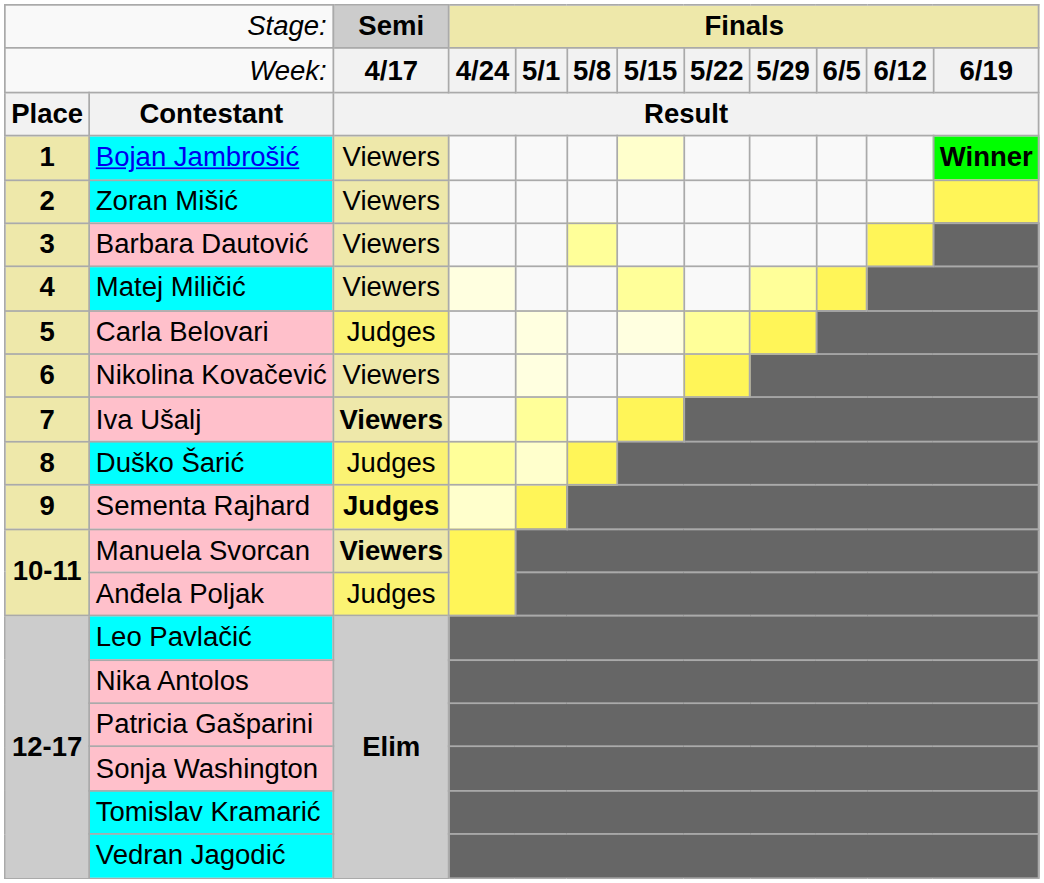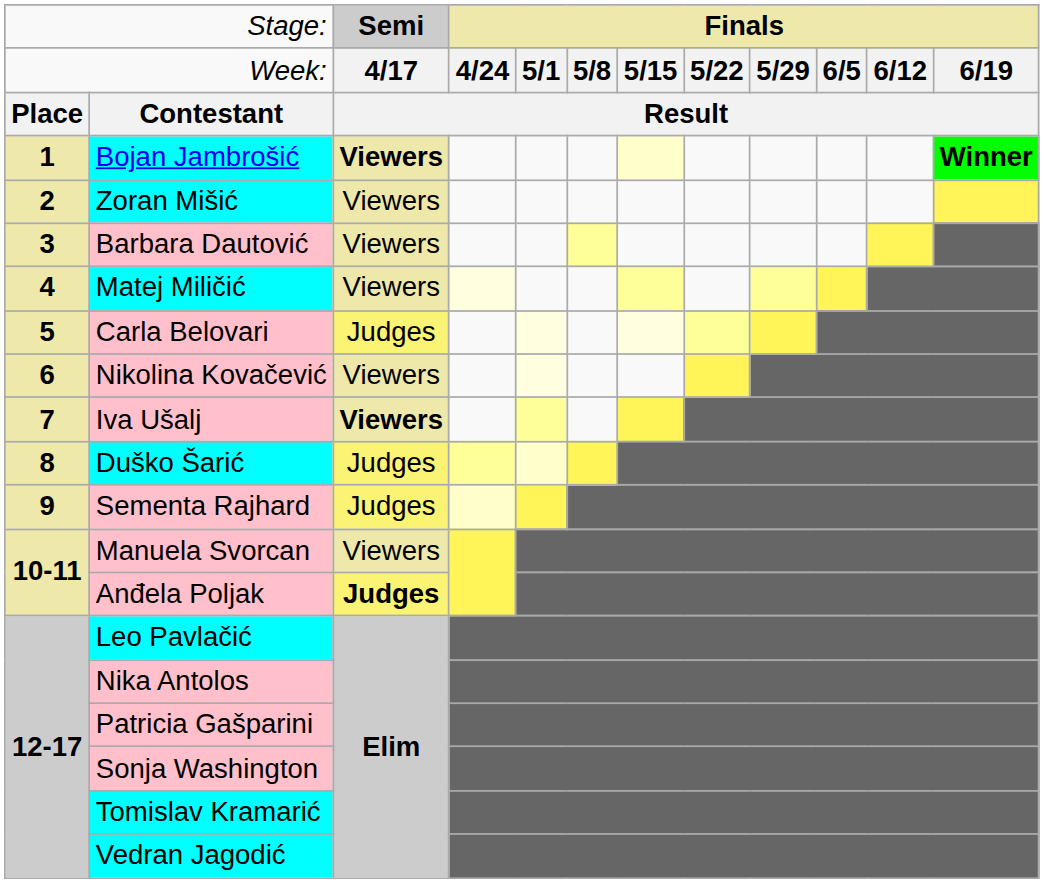 <table class="wikitable" align="center">
 <tr>
 <td colspan="2" align="right"><em>Stage:</em></td>
 <td bgcolor="CCCCCC" align="Center"><strong>Semi</strong></td>
 <td colspan="9" bgcolor="palegoldenrod" align="Center"><strong>Finals</strong></td>
 </tr>
 <tr>
 <td colspan="2" align="right"><em>Week:</em></td>
 <th>4/17</th>
 <th>4/24</th>
 <th>5/1</th>
 <th>5/8</th>
 <th>5/15</th>
 <th>5/22</th>
 <th>5/29</th>
 <th>6/5</th>
 <th>6/12</th>
 <th>6/19</th>
 </tr>
 <tr>
 <th>Place</th>
 <th>Contestant</th>
 <th colspan="14" align="center">Result</th>
 </tr>
 <tr>
 <td align="center" bgcolor="palegoldenrod"><strong>1</strong></td>
 <td bgcolor="cyan"><a href='#'>Bojan Jambrošić</a></td>
-<td bgcolor="palegoldenrod" align="center">Viewers</td>
+<td bgcolor="palegoldenrod" align="center"><strong>Viewers</strong></td>
 <td></td>
 <td></td>
 <td></td>
 <td bgcolor="#FFFFCC" align="center"></td>
 <td></td>
 <td></td>
 <td></td>
 <td></td>
 <td style="background: lime"><strong>Winner</strong></td>
 </tr>
 <tr>
 <td align="center" bgcolor="palegoldenrod"><strong>2</strong></td>
 <td bgcolor="cyan">Zoran Mišić</td>
 <td bgcolor="palegoldenrod" align="center">Viewers</td>
 <td></td>
 <td></td>
 <td></td>
 <td></td>
 <td></td>
 <td></td>
 <td></td>
 <td></td>
 <td bgcolor="#FFF558" align="center"></td>
 </tr>
 <tr>
 <td align="center" bgcolor="palegoldenrod"><strong>3</strong></td>
 <td bgcolor="pink">Barbara Dautović</td>
 <td bgcolor="palegoldenrod" align="center">Viewers</td>
 <td></td>
 <td></td>
 <td bgcolor="#FFFF99" align="center"></td>
 <td></td>
 <td></td>
 <td></td>
 <td></td>
 <td bgcolor="#FFF558" align="center"></td>
 <td bgcolor="666666"></td>
 </tr>
 <tr>
 <td align="center" bgcolor="palegoldenrod"><strong>4</strong></td>
 <td bgcolor="cyan">Matej Miličić</td>
 <td bgcolor="palegoldenrod" align="center">Viewers</td>
 <td bgcolor="#FFFFE0" align="center"></td>
 <td></td>
 <td></td>
 <td bgcolor="#FFFF99" align="center"></td>
 <td></td>
 <td bgcolor="#FFFF99" align="center"></td>
 <td bgcolor="#FFF558" align="center"></td>
 <td colspan="2" bgcolor="666666"></td>
 </tr>
 <tr>
 <td align="center" bgcolor="palegoldenrod"><strong>5</strong></td>
 <td bgcolor="pink">Carla Belovari</td>
 <td bgcolor="#FBF373" align="center">Judges</td>
 <td></td>
 <td bgcolor="#FFFFE0" align="center"></td>
 <td></td>
 <td bgcolor="#FFFFE0" align="center"></td>
 <td bgcolor="#FFFF99" align="center"></td>
 <td bgcolor="#FFF558" align="center"></td>
 <td colspan="3" bgcolor="666666"></td>
 </tr>
 <tr>
 <td align="center" bgcolor="palegoldenrod"><strong>6</strong></td>
 <td bgcolor="pink">Nikolina Kovačević</td>
 <td bgcolor="palegoldenrod" align="center">Viewers</td>
 <td></td>
 <td bgcolor="#FFFFE0" align="center"></td>
 <td></td>
 <td></td>
 <td bgcolor="#FFF558" align="center"></td>
 <td colspan="4" bgcolor="666666"></td>
 </tr>
 <tr>
 <td align="center" bgcolor="palegoldenrod"><strong>7</strong></td>
 <td bgcolor="pink">Iva Ušalj</td>
 <td bgcolor="palegoldenrod" align="center"><strong>Viewers</strong></td>
 <td></td>
 <td bgcolor="#FFFF99" align="center"></td>
 <td></td>
 <td bgcolor="#FFF558" align="center"></td>
 <td colspan="5" bgcolor="666666"></td>
 </tr>
 <tr>
 <td align="center" bgcolor="palegoldenrod"><strong>8</strong></td>
 <td bgcolor="cyan">Duško Šarić</td>
 <td bgcolor="#FBF373" align="center">Judges</td>
 <td bgcolor="#FFFF99" align="center"></td>
 <td bgcolor="#FFFFCC" align="center"></td>
 <td bgcolor="#FFF558" align="center"></td>
 <td colspan="6" bgcolor="666666"></td>
 </tr>
 <tr>
 <td align="center" bgcolor="palegoldenrod"><strong>9</strong></td>
 <td bgcolor="pink">Sementa Rajhard</td>
-<td bgcolor="#FBF373" align="center"><strong>Judges</strong></td>
+<td bgcolor="#FBF373" align="center">Judges</td>
 <td bgcolor="#FFFFCC" align="center"></td>
 <td bgcolor="#FFF558" align="center"></td>
 <td colspan="7" bgcolor="666666"></td>
 </tr>
 <tr>
 <td align="center" bgcolor="palegoldenrod" rowspan="2"><strong>10-11</strong></td>
 <td bgcolor="pink">Manuela Svorcan</td>
-<td bgcolor="palegoldenrod" align="center"><strong>Viewers</strong></td>
+<td bgcolor="palegoldenrod" align="center">Viewers</td>
 <td bgcolor="FFF558" align="center" rowspan="2"></td>
 <td colspan="8" bgcolor="666666"></td>
 </tr>
 <tr>
 <td bgcolor="pink">Anđela Poljak</td>
-<td bgcolor="#FBF373" align="center">Judges</td>
+<td bgcolor="#FBF373" align="center"><strong>Judges</strong></td>
 <td colspan="8" bgcolor="666666"></td>
 </tr>
 <tr>
 <td bgcolor="CCCCCC" align="center" rowspan="6"><strong>12-17</strong></td>
 <td bgcolor="cyan">Leo Pavlačić</td>
 <td bgcolor="#CCCCCC" align="center" rowspan="6"><strong>Elim</strong></td>
 <td colspan="9" bgcolor="666666"></td>
 </tr>
 <tr>
 <td bgcolor="pink">Nika Antolos</td>
 <td colspan="9" bgcolor="666666"></td>
 </tr>
 <tr>
 <td bgcolor="pink">Patricia Gašparini</td>
 <td colspan="9" bgcolor="666666"></td>
 </tr>
 <tr>
 <td bgcolor="pink">Sonja Washington</td>
 <td colspan="9" bgcolor="666666"></td>
 </tr>
 <tr>
 <td bgcolor="cyan">Tomislav Kramarić</td>
 <td colspan="9" bgcolor="666666"></td>
 </tr>
 <tr>
 <td bgcolor="cyan">Vedran Jagodić</td>
 <td colspan="9" bgcolor="666666"></td>
 </tr>
 </table>
